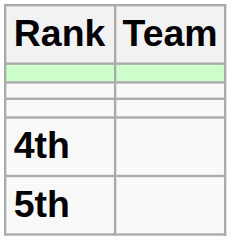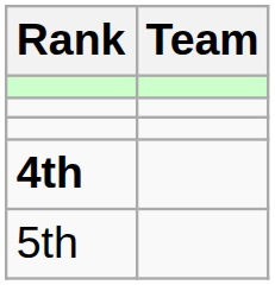 <table class="wikitable">
 <tr>
 <th>Rank</th>
 <th>Team</th>
 </tr>
 <tr bgcolor="#ccffcc">
 <td></td>
 <td></td>
 </tr>
 <tr>
 <td></td>
 <td></td>
 </tr>
 <tr>
 <td></td>
 <td></td>
 </tr>
 <tr>
 <td><strong>4th</strong></td>
 <td></td>
 </tr>
 <tr>
-<td><strong>5th</strong></td>
+<td>5th</td>
 <td></td>
 </tr>
 </table>
